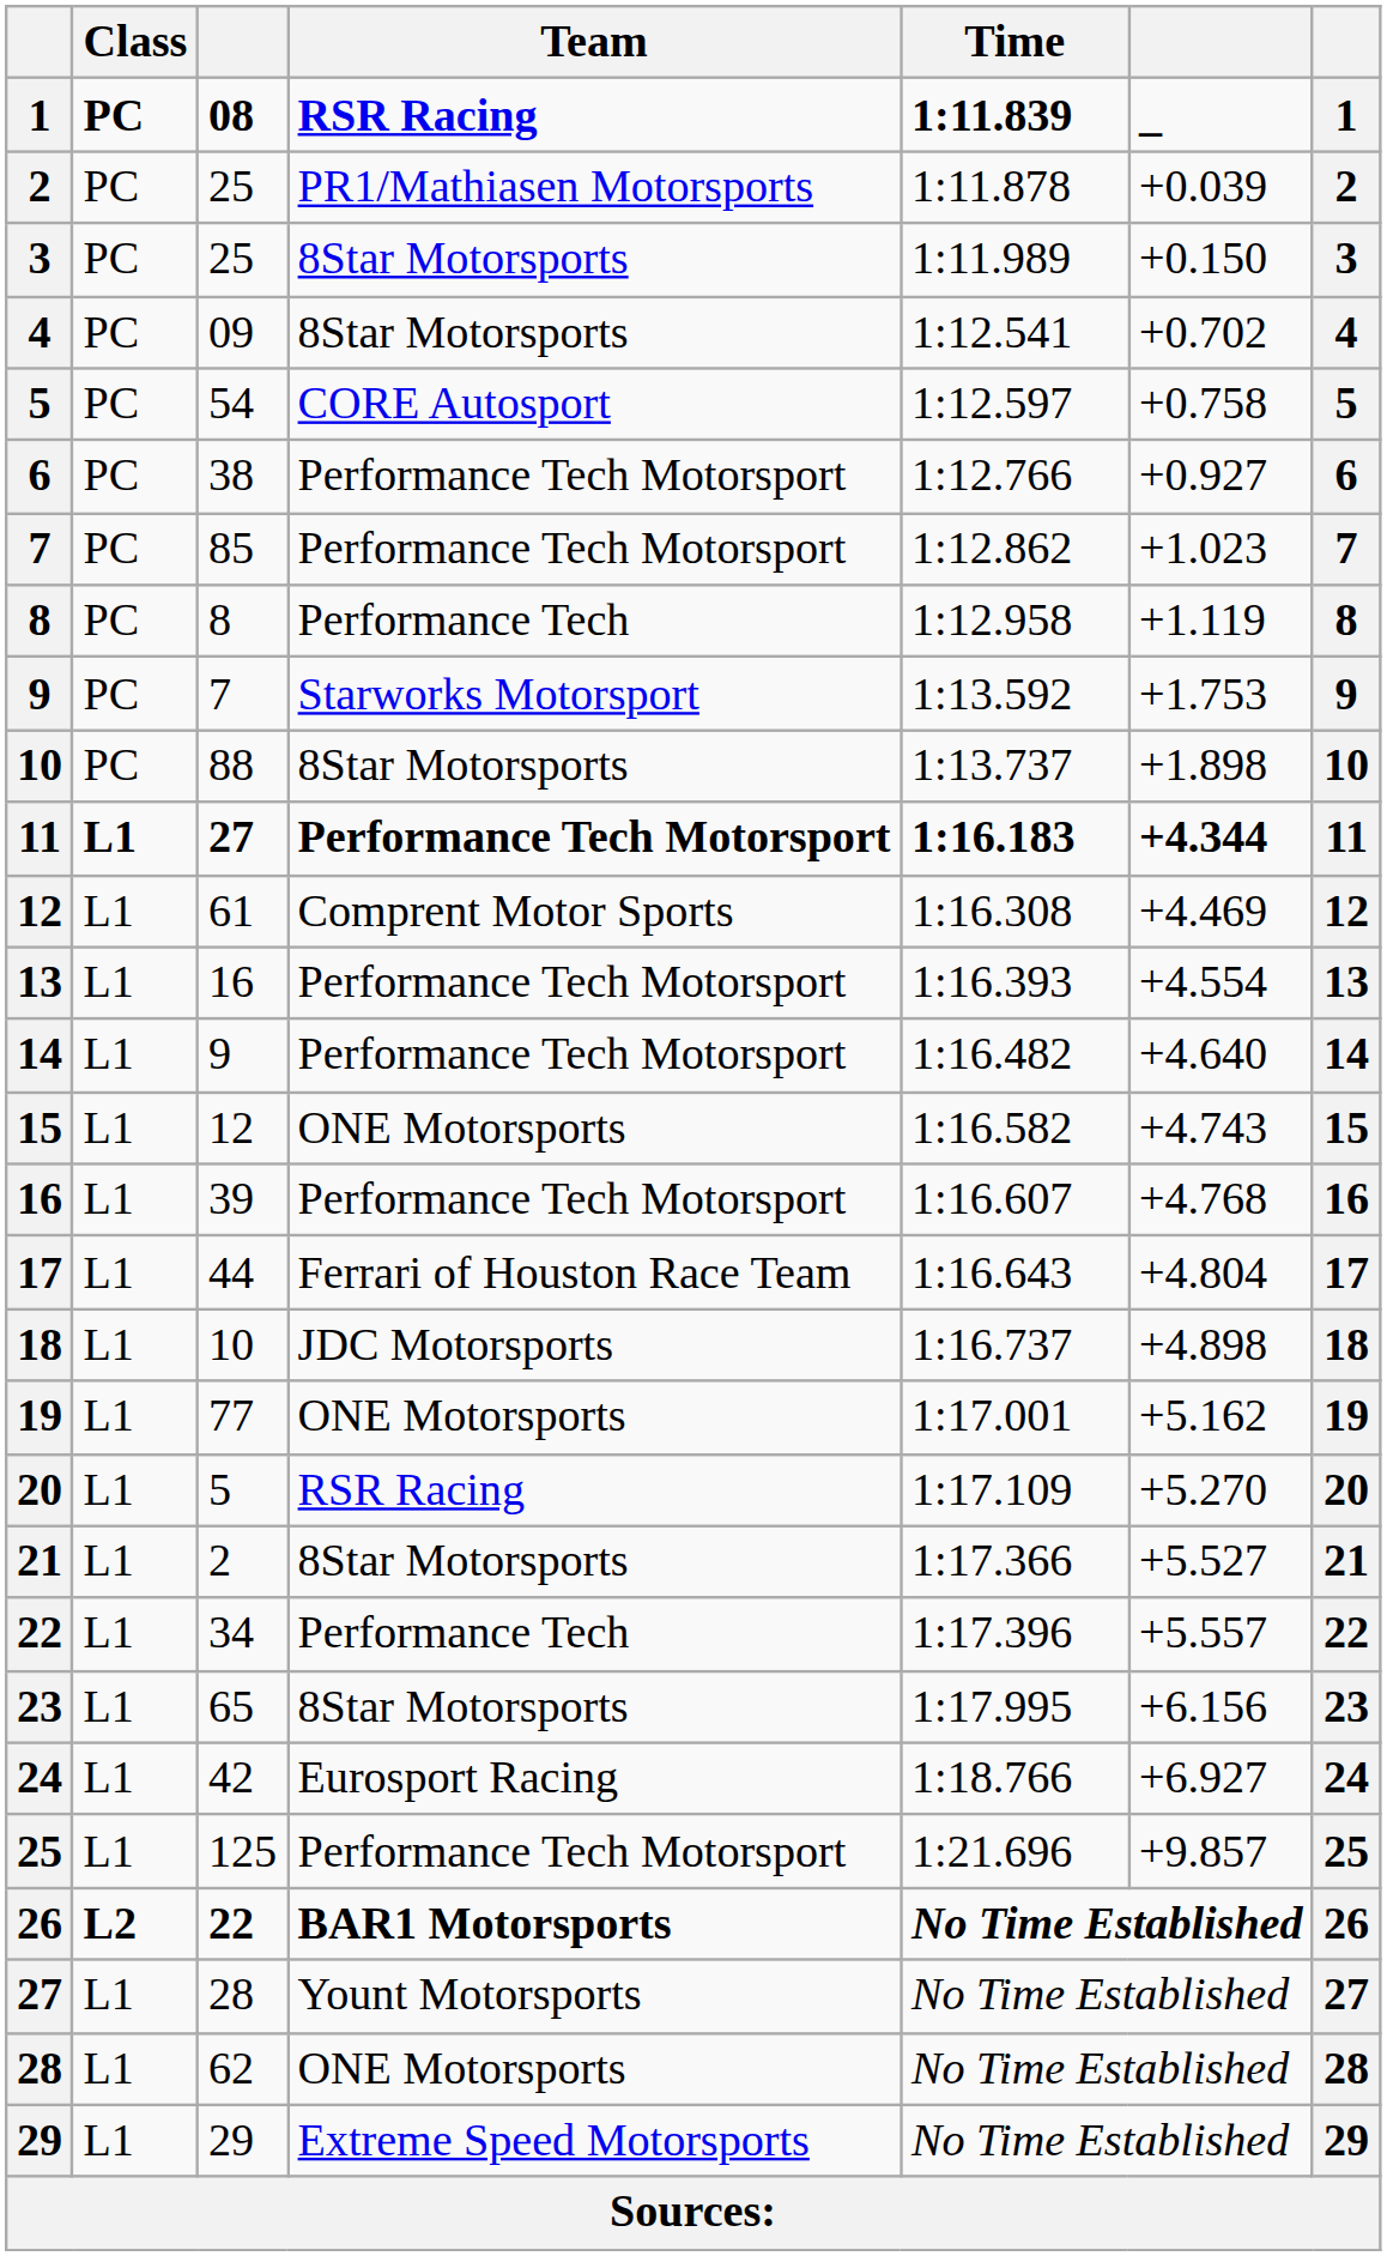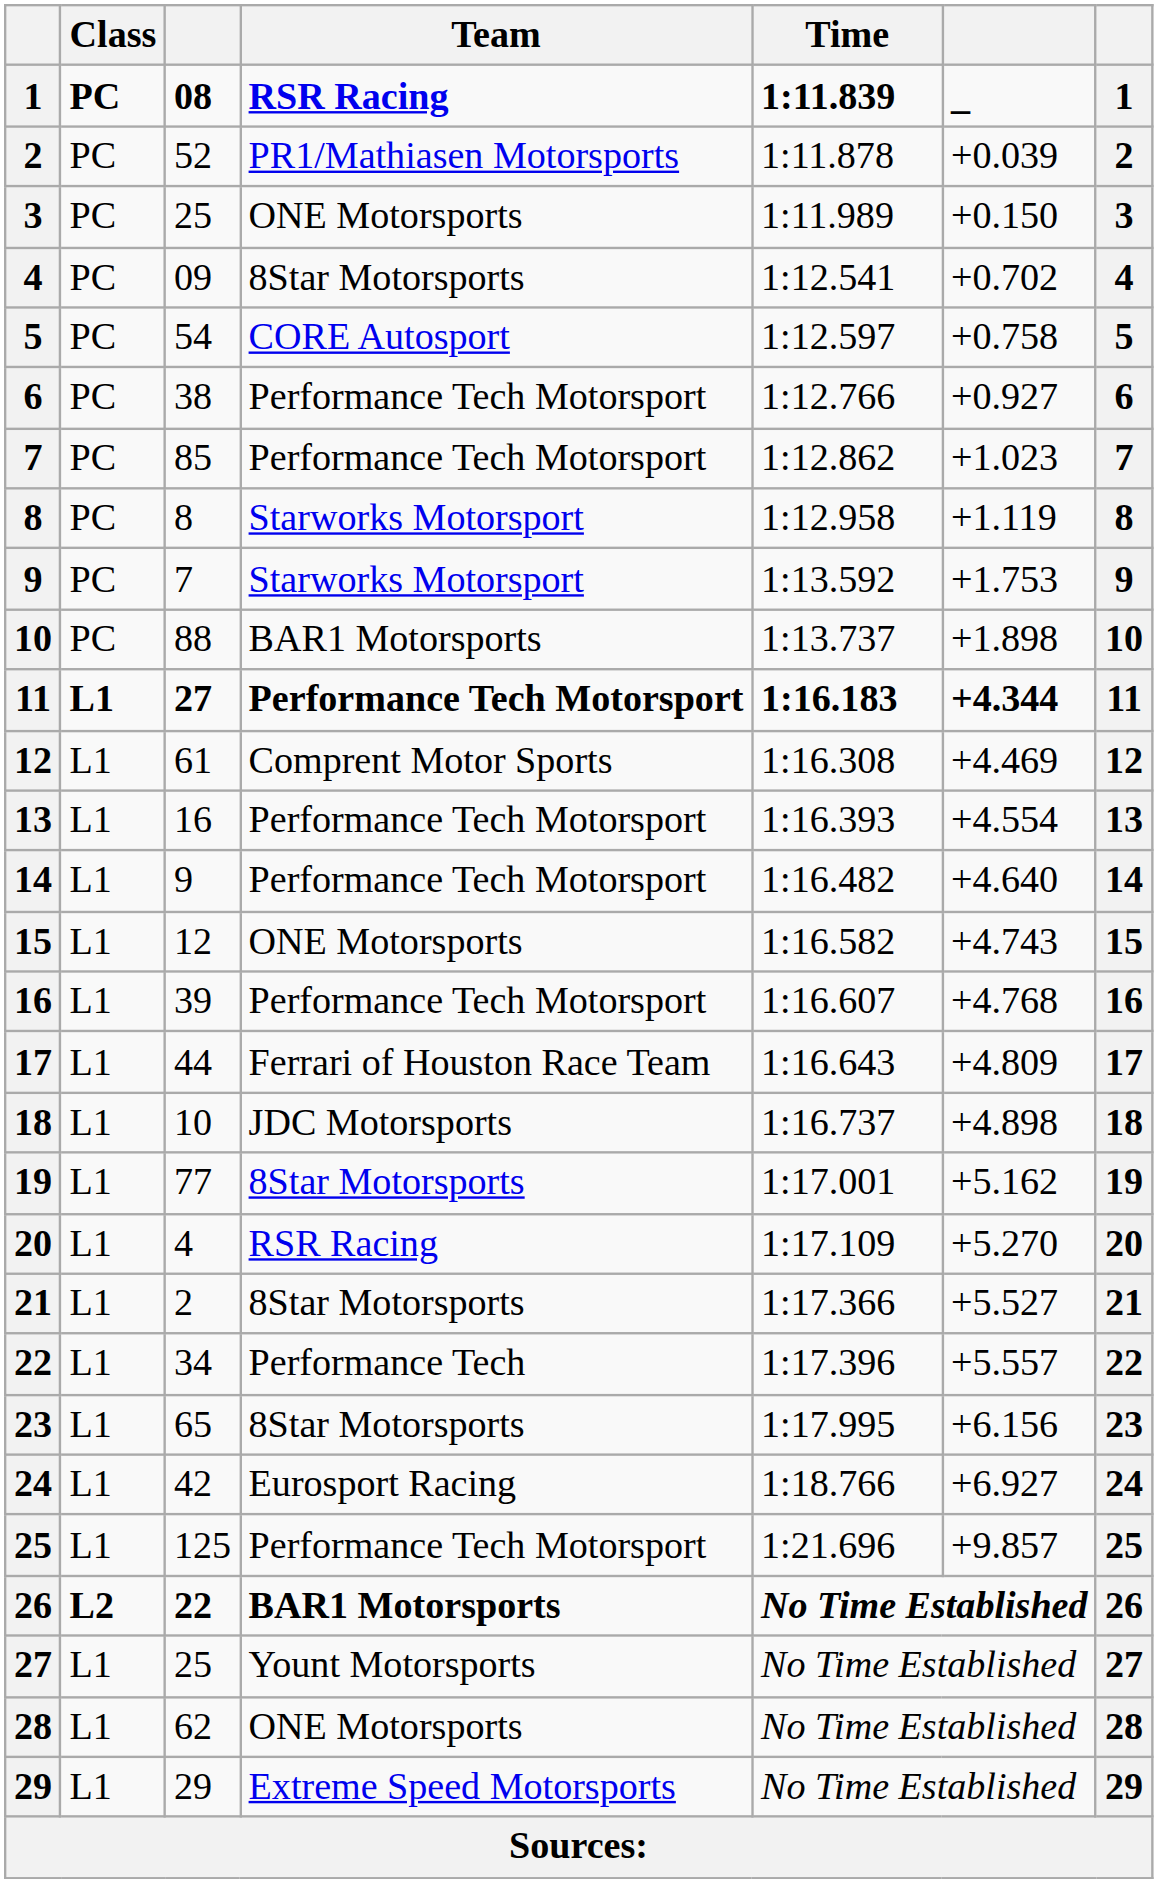 <table class="wikitable">
 <tr>
 <th></th>
 <th>Class</th>
 <th></th>
 <th>Team</th>
 <th>Time</th>
 <th></th>
 <th></th>
 </tr>
 <tr>
 <th>1</th>
 <td><strong>PC</strong></td>
 <td><strong>08</strong></td>
 <td><strong> <a href='#'>RSR Racing</a></strong></td>
 <td><strong>1:11.839</strong></td>
 <td><strong>_</strong></td>
 <th>1</th>
 </tr>
 <tr>
 <th>2</th>
 <td>PC</td>
-<td>25</td>
+<td>52</td>
 <td> <a href='#'>PR1/Mathiasen Motorsports</a></td>
 <td>1:11.878</td>
 <td>+0.039</td>
 <th>2</th>
 </tr>
 <tr>
 <th>3</th>
 <td>PC</td>
 <td>25</td>
-<td> <a href='#'>8Star Motorsports</a></td>
+<td>ONE Motorsports</td>
 <td>1:11.989</td>
 <td>+0.150</td>
 <th>3</th>
 </tr>
 <tr>
 <th>4</th>
 <td>PC</td>
 <td>09</td>
 <td>8Star Motorsports</td>
 <td>1:12.541</td>
 <td>+0.702</td>
 <th>4</th>
 </tr>
 <tr>
 <th>5</th>
 <td>PC</td>
 <td>54</td>
 <td> <a href='#'>CORE Autosport</a></td>
 <td>1:12.597</td>
 <td>+0.758</td>
 <th>5</th>
 </tr>
 <tr>
 <th>6</th>
 <td>PC</td>
 <td>38</td>
 <td>Performance Tech Motorsport</td>
 <td>1:12.766</td>
 <td>+0.927</td>
 <th>6</th>
 </tr>
 <tr>
 <th>7</th>
 <td>PC</td>
 <td>85</td>
 <td>Performance Tech Motorsport</td>
 <td>1:12.862</td>
 <td>+1.023</td>
 <th>7</th>
 </tr>
 <tr>
 <th>8</th>
 <td>PC</td>
 <td>8</td>
-<td> Performance Tech</td>
+<td> <a href='#'>Starworks Motorsport</a></td>
 <td>1:12.958</td>
 <td>+1.119</td>
 <th>8</th>
 </tr>
 <tr>
 <th>9</th>
 <td>PC</td>
 <td>7</td>
 <td> <a href='#'>Starworks Motorsport</a></td>
 <td>1:13.592</td>
 <td>+1.753</td>
 <th>9</th>
 </tr>
 <tr>
 <th>10</th>
 <td>PC</td>
 <td>88</td>
-<td>8Star Motorsports</td>
+<td> BAR1 Motorsports</td>
 <td>1:13.737</td>
 <td>+1.898</td>
 <th>10</th>
 </tr>
 <tr>
 <th>11</th>
 <td><strong>L1</strong></td>
 <td><strong>27</strong></td>
 <td><strong>Performance Tech Motorsport</strong></td>
 <td><strong>1:16.183</strong></td>
 <td><strong>+4.344</strong></td>
 <th>11</th>
 </tr>
 <tr>
 <th>12</th>
 <td>L1</td>
 <td>61</td>
 <td>Comprent Motor Sports</td>
 <td>1:16.308</td>
 <td>+4.469</td>
 <th>12</th>
 </tr>
 <tr>
 <th>13</th>
 <td>L1</td>
 <td>16</td>
 <td>Performance Tech Motorsport</td>
 <td>1:16.393</td>
 <td>+4.554</td>
 <th>13</th>
 </tr>
 <tr>
 <th>14</th>
 <td>L1</td>
 <td>9</td>
 <td>Performance Tech Motorsport</td>
 <td>1:16.482</td>
 <td>+4.640</td>
 <th>14</th>
 </tr>
 <tr>
 <th>15</th>
 <td>L1</td>
 <td>12</td>
 <td>ONE Motorsports</td>
 <td>1:16.582</td>
 <td>+4.743</td>
 <th>15</th>
 </tr>
 <tr>
 <th>16</th>
 <td>L1</td>
 <td>39</td>
 <td>Performance Tech Motorsport</td>
 <td>1:16.607</td>
 <td>+4.768</td>
 <th>16</th>
 </tr>
 <tr>
 <th>17</th>
 <td>L1</td>
 <td>44</td>
 <td>Ferrari of Houston Race Team</td>
 <td>1:16.643</td>
-<td>+4.804</td>
+<td>+4.809</td>
 <th>17</th>
 </tr>
 <tr>
 <th>18</th>
 <td>L1</td>
 <td>10</td>
 <td>JDC Motorsports</td>
 <td>1:16.737</td>
 <td>+4.898</td>
 <th>18</th>
 </tr>
 <tr>
 <th>19</th>
 <td>L1</td>
 <td>77</td>
-<td>ONE Motorsports</td>
+<td> <a href='#'>8Star Motorsports</a></td>
 <td>1:17.001</td>
 <td>+5.162</td>
 <th>19</th>
 </tr>
 <tr>
 <th>20</th>
 <td>L1</td>
-<td>5</td>
+<td>4</td>
 <td> <a href='#'>RSR Racing</a></td>
 <td>1:17.109</td>
 <td>+5.270</td>
 <th>20</th>
 </tr>
 <tr>
 <th>21</th>
 <td>L1</td>
 <td>2</td>
 <td>8Star Motorsports</td>
 <td>1:17.366</td>
 <td>+5.527</td>
 <th>21</th>
 </tr>
 <tr>
 <th>22</th>
 <td>L1</td>
 <td>34</td>
 <td> Performance Tech</td>
 <td>1:17.396</td>
 <td>+5.557</td>
 <th>22</th>
 </tr>
 <tr>
 <th>23</th>
 <td>L1</td>
 <td>65</td>
 <td>8Star Motorsports</td>
 <td>1:17.995</td>
 <td>+6.156</td>
 <th>23</th>
 </tr>
 <tr>
 <th>24</th>
 <td>L1</td>
 <td>42</td>
 <td>Eurosport Racing</td>
 <td>1:18.766</td>
 <td>+6.927</td>
 <th>24</th>
 </tr>
 <tr>
 <th>25</th>
 <td>L1</td>
 <td>125</td>
 <td>Performance Tech Motorsport</td>
 <td>1:21.696</td>
 <td>+9.857</td>
 <th>25</th>
 </tr>
 <tr>
 <th>26</th>
 <td><strong>L2</strong></td>
 <td><strong>22</strong></td>
 <td><strong>BAR1 Motorsports</strong></td>
 <td colspan="2"><strong><em>No Time Established</em></strong></td>
 <th>26</th>
 </tr>
 <tr>
 <th>27</th>
 <td>L1</td>
-<td>28</td>
+<td>25</td>
 <td>Yount Motorsports</td>
 <td colspan="2"><em>No Time Established</em></td>
 <th>27</th>
 </tr>
 <tr>
 <th>28</th>
 <td>L1</td>
 <td>62</td>
 <td>ONE Motorsports</td>
 <td colspan="2"><em>No Time Established</em></td>
 <th>28</th>
 </tr>
 <tr>
 <th>29</th>
 <td>L1</td>
 <td>29</td>
 <td><a href='#'>Extreme Speed Motorsports</a></td>
 <td colspan="2"><em>No Time Established</em></td>
 <th>29</th>
 </tr>
 <tr>
 <th colspan="7">Sources:</th>
 </tr>
 </table>
